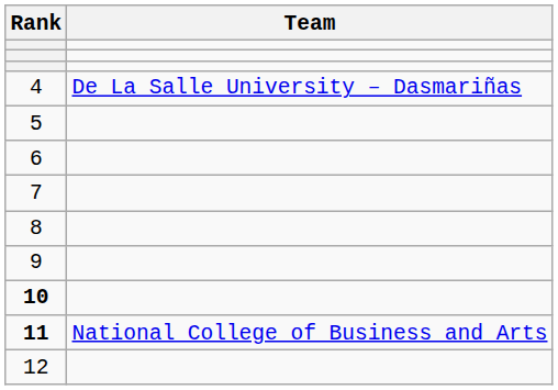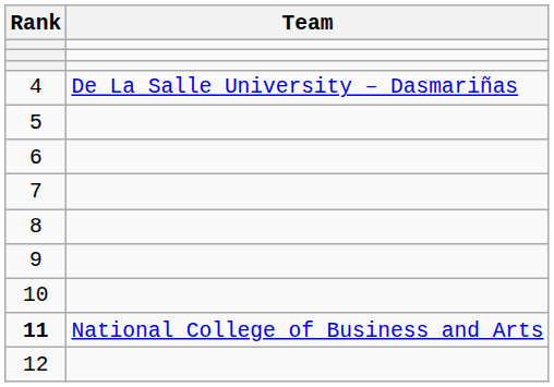 <table class="wikitable" style="text-align: center;">
 <tr>
 <th>Rank</th>
 <th>Team</th>
 </tr>
 <tr>
 <th></th>
 <td style="text-align:left;"></td>
 </tr>
 <tr>
 <th></th>
 <td style="text-align:left;"></td>
 </tr>
 <tr>
 <th></th>
 <td style="text-align:left;"></td>
 </tr>
 <tr>
 <td>4</td>
 <td style="text-align:left;"> <a href='#'>De La Salle University – Dasmariñas</a></td>
 </tr>
 <tr>
 <td>5</td>
 <td style="text-align:left;"></td>
 </tr>
 <tr>
 <td>6</td>
 <td style="text-align:left;"></td>
 </tr>
 <tr>
 <td>7</td>
 <td style="text-align:left;"></td>
 </tr>
 <tr>
 <td>8</td>
 <td style="text-align:left;"></td>
 </tr>
 <tr>
 <td>9</td>
 <td style="text-align:left;"></td>
 </tr>
 <tr>
-<td><strong>10</strong></td>
+<td>10</td>
 <td style="text-align:left;"></td>
 </tr>
 <tr>
 <td><strong>11</strong></td>
 <td style="text-align:left;"> <a href='#'>National College of Business and Arts</a></td>
 </tr>
 <tr>
 <td>12</td>
 <td style="text-align:left;"></td>
 </tr>
 </table>
